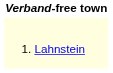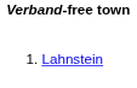 <table>
 <tr ---->
 <th><em>Verband</em>-free town</th>
 </tr>
 <tr>
-<td style="background: lightyellow;"><br><ol><li><a href='#'>Lahnstein</a></li></ol></td>
+<td><br><ol><li><a href='#'>Lahnstein</a></li></ol></td>
 </tr>
 </table>
